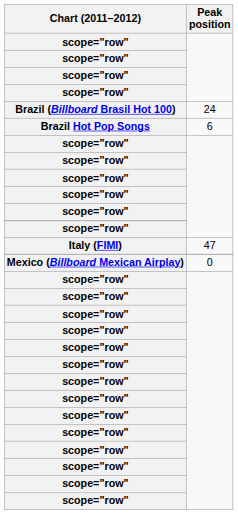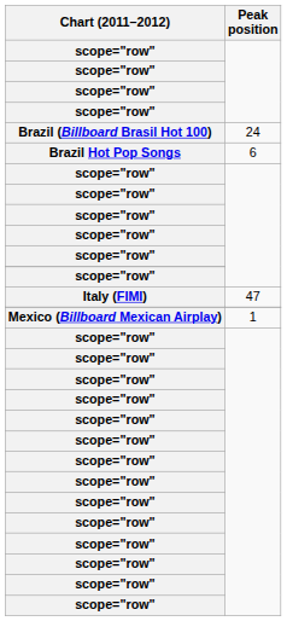 <table class="wikitable sortable plainrowheaders" style="text-align:center">
 <tr>
 <th scope="col">Chart (2011–2012)</th>
 <th scope="col">Peak<br>position</th>
 </tr>
 <tr>
 <th>scope="row"</th>
 </tr>
 <tr>
 <th>scope="row"</th>
 </tr>
 <tr>
 <th>scope="row"</th>
 </tr>
 <tr>
 <th>scope="row"</th>
 </tr>
 <tr>
 <th scope="row">Brazil (<a href='#'><em>Billboard</em> Brasil Hot 100</a>)</th>
 <td style="text-align:center;">24</td>
 </tr>
 <tr>
 <th scope="row">Brazil <a href='#'>Hot Pop Songs</a></th>
 <td style="text-align:center;">6</td>
 </tr>
 <tr>
 <th>scope="row"</th>
 </tr>
 <tr>
 <th>scope="row"</th>
 </tr>
 <tr>
 <th>scope="row"</th>
 </tr>
 <tr>
 <th>scope="row"</th>
 </tr>
 <tr>
 <th>scope="row"</th>
 </tr>
 <tr>
 </tr>
 <tr>
 <th>scope="row" </th>
 </tr>
 <tr>
 <th scope="row">Italy (<a href='#'>FIMI</a>)</th>
 <td style="text-align:center;">47</td>
 </tr>
 <tr>
 </tr>
 <tr>
 <th scope="row">Mexico (<a href='#'><em>Billboard</em> Mexican Airplay</a>)</th>
-<td style="text-align:center;">0</td>
+<td style="text-align:center;">1</td>
 </tr>
 <tr>
 <th>scope="row"</th>
 </tr>
 <tr>
 <th>scope="row"</th>
 </tr>
 <tr>
 <th>scope="row"</th>
 </tr>
 <tr>
 <th>scope="row"</th>
 </tr>
 <tr>
 <th>scope="row"</th>
 </tr>
 <tr>
 <th>scope="row"</th>
 </tr>
 <tr>
 <th>scope="row"</th>
 </tr>
 <tr>
 <th>scope="row"</th>
 </tr>
 <tr>
 <th>scope="row"</th>
 </tr>
 <tr>
 <th>scope="row"</th>
 </tr>
 <tr>
 <th>scope="row"</th>
 </tr>
 <tr>
 <th>scope="row"</th>
 </tr>
 <tr>
 <th>scope="row"</th>
 </tr>
 <tr>
 <th>scope="row"</th>
 </tr>
 </table>
